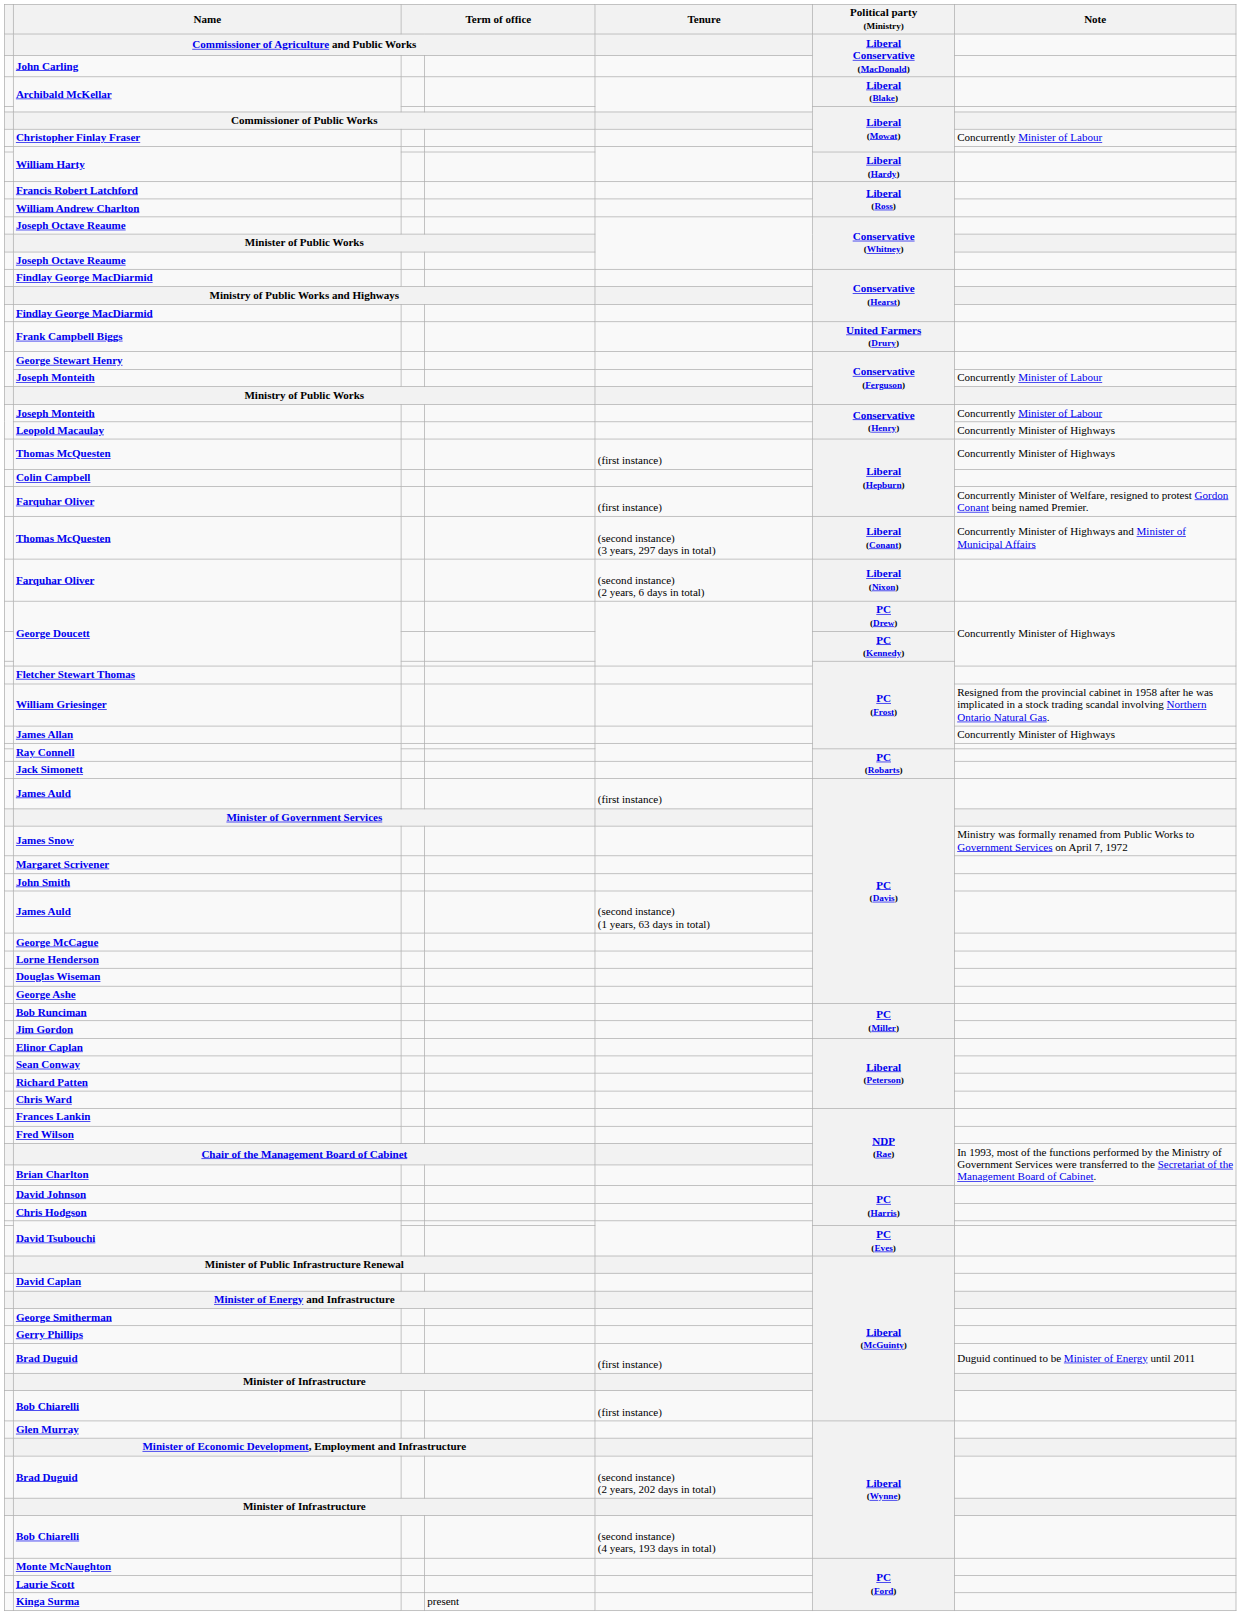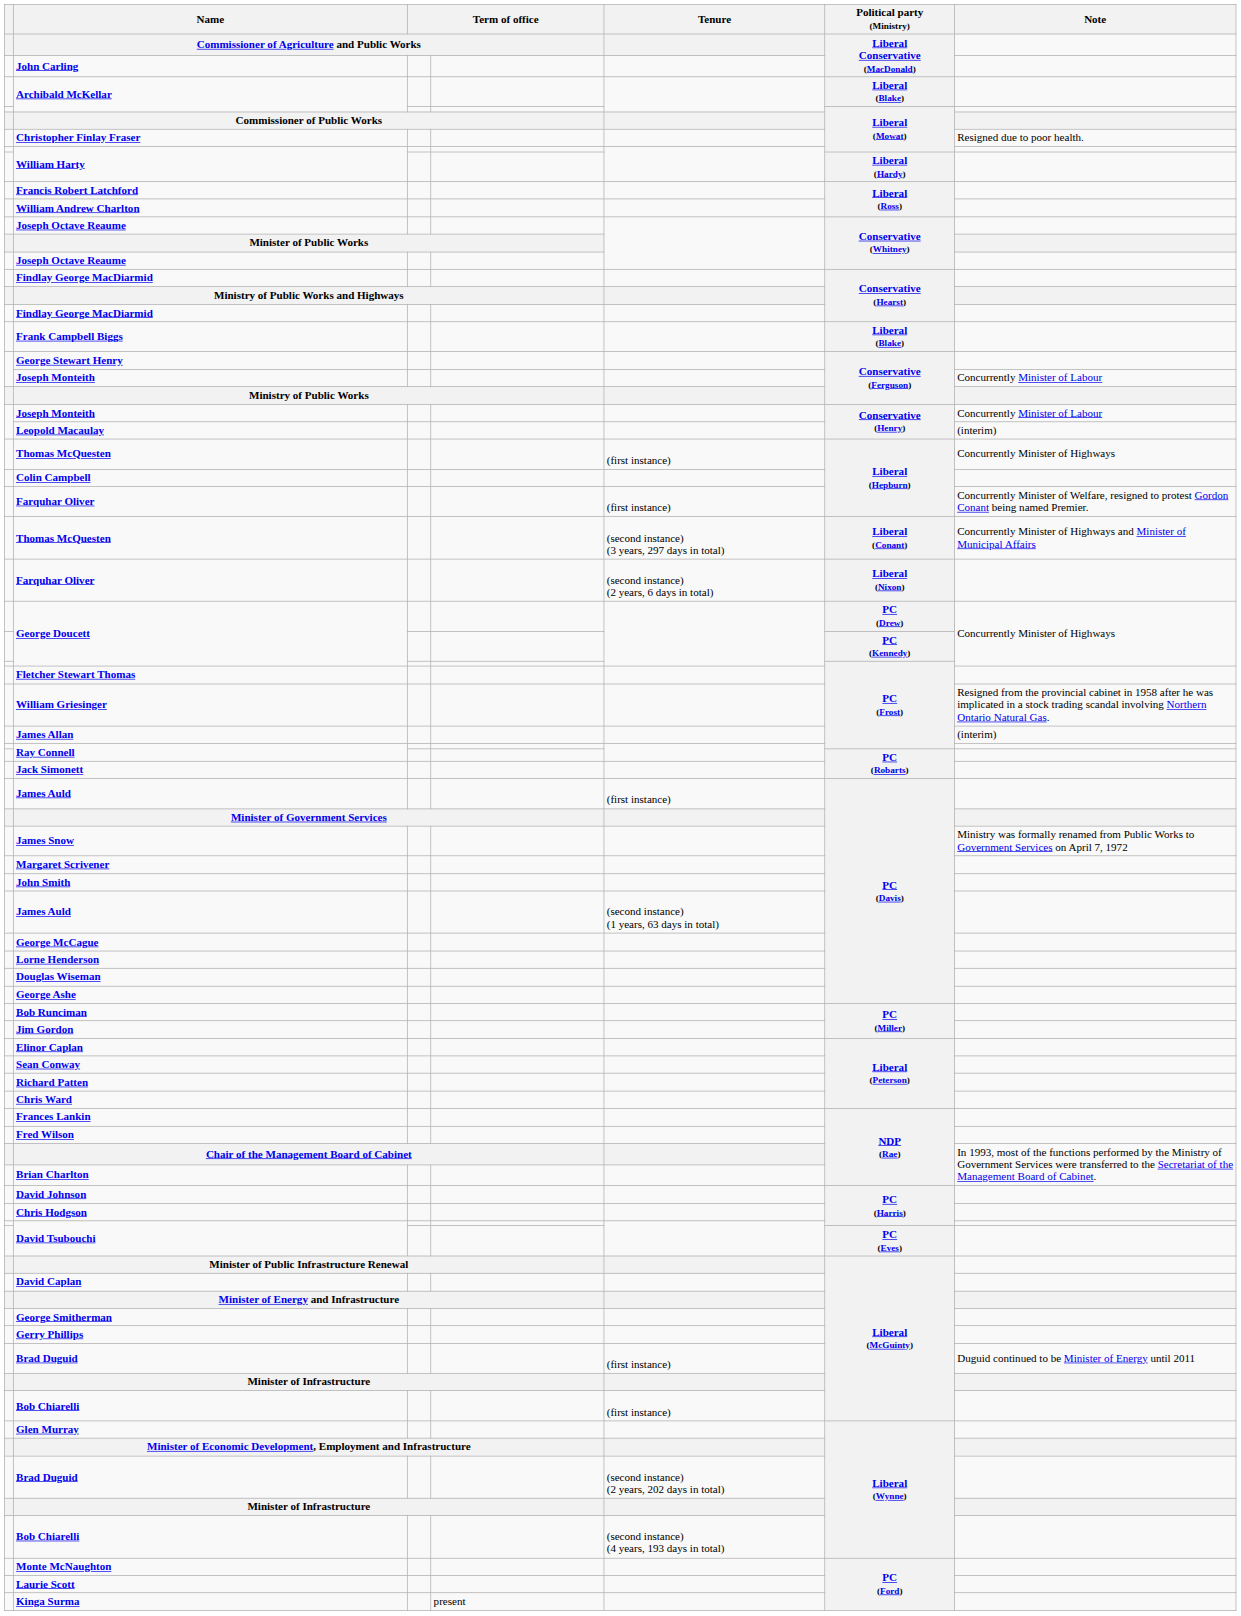 <table class="wikitable" style="width: 90%">
 <tr>
 <th></th>
 <th>Name</th>
 <th colspan=2>Term of office</th>
 <th>Tenure</th>
 <th>Political party<br><small>(Ministry)</small></th>
 <th style="width: 400px;">Note</th>
 </tr>
 <tr>
 <th></th>
 <th colspan=3><a href='#'>Commissioner of Agriculture</a> and Public Works</th>
 <th></th>
 <th rowspan=2; style="background:"><a href='#'>Liberal<br>Conservative</a><br><small>(<a href='#'>MacDonald</a>)</small></th>
 <td></td>
 </tr>
 <tr>
 <td style="background:"></td>
 <td><strong><a href='#'>John Carling</a></strong></td>
 <td></td>
 <td></td>
 <td></td>
 <td></td>
 </tr>
 <tr>
 <td style="background:"></td>
 <td rowspan=2><strong><a href='#'>Archibald McKellar</a></strong></td>
 <td></td>
 <td></td>
 <td rowspan=2></td>
 <th style="background:"><a href='#'>Liberal</a><br><small>(<a href='#'>Blake</a>)</small></th>
 <td></td>
 </tr>
 <tr>
 <td style="background:"></td>
 <td></td>
 <td></td>
 <th rowspan=4; style="background:"><a href='#'>Liberal</a><br><small>(<a href='#'>Mowat</a>)</small></th>
 <td></td>
 </tr>
 <tr>
 <th></th>
 <th colspan=3>Commissioner of Public Works</th>
 <th></th>
 <th></th>
 </tr>
 <tr>
 <td style="background:"></td>
 <td><strong><a href='#'>Christopher Finlay Fraser</a></strong></td>
 <td></td>
 <td></td>
 <td></td>
-<td>Concurrently <a href='#'>Minister of Labour</a></td>
+<td>Resigned due to poor health.</td>
 </tr>
 <tr>
 <td style="background:"></td>
 <td rowspan=2><strong><a href='#'>William Harty</a></strong></td>
 <td></td>
 <td></td>
 <td rowspan=2></td>
 <td></td>
 </tr>
 <tr>
 <td style="background:"></td>
 <td></td>
 <td></td>
 <th style="background:"><a href='#'>Liberal</a><br><small>(<a href='#'>Hardy</a>)</small></th>
 <td></td>
 </tr>
 <tr>
 <td style="background:"></td>
 <td><strong><a href='#'>Francis Robert Latchford</a></strong></td>
 <td></td>
 <td></td>
 <td></td>
 <th rowspan=2; style="background:"><a href='#'>Liberal</a><br><small>(<a href='#'>Ross</a>)</small></th>
 <td></td>
 </tr>
 <tr>
 <td style="background:"></td>
 <td><strong><a href='#'>William Andrew Charlton</a></strong></td>
 <td></td>
 <td></td>
 <td></td>
 <td></td>
 </tr>
 <tr>
 <td style="background:"></td>
 <td><strong><a href='#'>Joseph Octave Reaume</a></strong></td>
 <td></td>
 <td></td>
 <td rowspan=3></td>
 <th rowspan=3; style="background:"><a href='#'>Conservative</a><br><small>(<a href='#'>Whitney</a>)</small></th>
 <td></td>
 </tr>
 <tr>
 <th></th>
 <th colspan=3><strong>Minister of Public Works</strong></th>
 <th></th>
 </tr>
 <tr>
 <td rowpans=2; style="background:"></td>
 <td><strong><a href='#'>Joseph Octave Reaume</a></strong></td>
 <td></td>
 <td></td>
 <td></td>
 </tr>
 <tr>
 <td style="background:"></td>
 <td><strong><a href='#'>Findlay George MacDiarmid</a></strong></td>
 <td></td>
 <td></td>
 <td></td>
 <th rowspan=3; style="background:"><a href='#'>Conservative</a><br><small>(<a href='#'>Hearst</a>)</small></th>
 <td></td>
 </tr>
 <tr>
 <th></th>
 <th colspan=3><strong>Ministry of Public Works and Highways</strong></th>
 <th></th>
 <th></th>
 </tr>
 <tr>
 <td style="background:"></td>
 <td><strong><a href='#'>Findlay George MacDiarmid</a></strong></td>
 <td></td>
 <td></td>
 <td></td>
 <td></td>
 </tr>
 <tr>
 <td style="background:"></td>
 <td><strong><a href='#'>Frank Campbell Biggs</a></strong></td>
 <td></td>
 <td></td>
 <td></td>
-<th style="background:"><a href='#'>United Farmers</a><br><small>(<a href='#'>Drury</a>)</small></th>
+<th style="background:"><a href='#'>Liberal</a><br><small>(<a href='#'>Blake</a>)</small></th>
 <td></td>
 </tr>
 <tr>
 <td rowspan=2; style="background:"></td>
 <td><strong><a href='#'>George Stewart Henry</a></strong></td>
 <td></td>
 <td></td>
 <td></td>
 <th rowspan=3; style="background:"><a href='#'>Conservative</a><br><small>(<a href='#'>Ferguson</a>)</small></th>
 <td></td>
 </tr>
 <tr>
 <td><strong><a href='#'>Joseph Monteith</a></strong></td>
 <td></td>
 <td></td>
 <td></td>
 <td>Concurrently <a href='#'>Minister of Labour</a></td>
 </tr>
 <tr>
 <th></th>
 <th colspan=3><strong>Ministry of Public Works</strong></th>
 <th></th>
 <th></th>
 </tr>
 <tr>
 <td rowspan=2; style="background:"></td>
 <td><strong><a href='#'>Joseph Monteith</a></strong></td>
 <td></td>
 <td></td>
 <td></td>
 <th rowspan=2; style="background:"><a href='#'>Conservative</a><br><small>(<a href='#'>Henry</a>)</small></th>
 <td>Concurrently <a href='#'>Minister of Labour</a></td>
 </tr>
 <tr>
 <td><strong><a href='#'>Leopold Macaulay</a></strong></td>
 <td></td>
 <td></td>
 <td></td>
-<td>Concurrently Minister of Highways</td>
+<td>(interim)</td>
 </tr>
 <tr>
 <td style="background:"></td>
 <td><strong><a href='#'>Thomas McQuesten</a></strong></td>
 <td></td>
 <td></td>
 <td><br>(first instance)</td>
 <th rowspan=3; style="background:"><a href='#'>Liberal</a><br><small>(<a href='#'>Hepburn</a>)</small></th>
 <td>Concurrently Minister of Highways</td>
 </tr>
 <tr>
 <td style="background:"></td>
 <td><strong><a href='#'>Colin Campbell</a></strong></td>
 <td></td>
 <td></td>
 <td></td>
 <td></td>
 </tr>
 <tr>
 <td style="background:"></td>
 <td><strong><a href='#'>Farquhar Oliver</a></strong></td>
 <td></td>
 <td></td>
 <td><br>(first instance)</td>
 <td>Concurrently Minister of Welfare, resigned to protest <a href='#'>Gordon Conant</a> being named Premier.</td>
 </tr>
 <tr>
 <td style="background:"></td>
 <td><strong><a href='#'>Thomas McQuesten</a></strong></td>
 <td></td>
 <td></td>
 <td><br>(second instance)<br>(3 years, 297 days in total)</td>
 <th style="background:"><a href='#'>Liberal</a><br><small>(<a href='#'>Conant</a>)</small></th>
 <td>Concurrently Minister of Highways and <a href='#'>Minister of Municipal Affairs</a></td>
 </tr>
 <tr>
 <td style="background:"></td>
 <td><strong><a href='#'>Farquhar Oliver</a></strong></td>
 <td></td>
 <td></td>
 <td><br>(second instance)<br>(2 years, 6 days in total)</td>
 <th style="background:"><a href='#'>Liberal</a><br><small>(<a href='#'>Nixon</a>)</small></th>
 <td></td>
 </tr>
 <tr>
 <td style="background:"></td>
 <td rowspan=3><strong><a href='#'>George Doucett</a></strong></td>
 <td></td>
 <td></td>
 <td rowspan=3></td>
 <th style="background:"><a href='#'>PC</a><br><small>(<a href='#'>Drew</a>)</small></th>
 <td rowspan=3>Concurrently Minister of Highways</td>
 </tr>
 <tr>
 <td style="background:"></td>
 <td></td>
 <td></td>
 <th style="background:"><a href='#'>PC</a><br><small>(<a href='#'>Kennedy</a>)</small></th>
 </tr>
 <tr>
 <td style="background:"></td>
 <td></td>
 <td></td>
 <th rowspan=5; style="background:"><a href='#'>PC</a><br><small>(<a href='#'>Frost</a>)</small></th>
 </tr>
 <tr>
 <td style="background:"></td>
 <td><strong><a href='#'>Fletcher Stewart Thomas</a></strong></td>
 <td></td>
 <td></td>
 <td></td>
 <td></td>
 </tr>
 <tr>
 <td style="background:"></td>
 <td><strong><a href='#'>William Griesinger</a></strong></td>
 <td></td>
 <td></td>
 <td></td>
 <td>Resigned from the provincial cabinet in 1958 after he was implicated in a stock trading scandal involving <a href='#'>Northern Ontario Natural Gas</a>.</td>
 </tr>
 <tr>
 <td style="background:"></td>
 <td><strong><a href='#'>James Allan</a></strong></td>
 <td></td>
 <td></td>
 <td></td>
-<td>Concurrently Minister of Highways</td>
+<td>(interim)</td>
 </tr>
 <tr>
 <td style="background:"></td>
 <td rowspan=2><strong><a href='#'>Ray Connell</a></strong></td>
 <td></td>
 <td></td>
 <td rowspan=2></td>
 <td></td>
 </tr>
 <tr>
 <td style="background:"></td>
 <td></td>
 <td></td>
 <th rowspan=2; style="background:"><a href='#'>PC</a><br><small>(<a href='#'>Robarts</a>)</small></th>
 <td></td>
 </tr>
 <tr>
 <td style="background:"></td>
 <td><strong><a href='#'>Jack Simonett</a></strong></td>
 <td></td>
 <td></td>
 <td></td>
 <td></td>
 </tr>
 <tr>
 <td style="background:"></td>
 <td><strong><a href='#'>James Auld</a></strong></td>
 <td></td>
 <td></td>
 <td><br>(first instance)</td>
 <th rowspan=10; style="background:"><a href='#'>PC</a><br><small>(<a href='#'>Davis</a>)</small></th>
 <td></td>
 </tr>
 <tr>
 <th></th>
 <th colspan=3><a href='#'>Minister of Government Services</a></th>
 <th></th>
 <th></th>
 </tr>
 <tr>
 <td style="background:"></td>
 <td><strong><a href='#'>James Snow</a></strong></td>
 <td></td>
 <td></td>
 <td></td>
 <td>Ministry was formally renamed from Public Works to <a href='#'>Government Services</a> on April 7, 1972</td>
 </tr>
 <tr>
 <td style="background:"></td>
 <td><strong><a href='#'>Margaret Scrivener</a></strong></td>
 <td></td>
 <td></td>
 <td></td>
 <td></td>
 </tr>
 <tr>
 <td style="background:"></td>
 <td><strong><a href='#'>John Smith</a></strong></td>
 <td></td>
 <td></td>
 <td></td>
 <td></td>
 </tr>
 <tr>
 <td style="background:"></td>
 <td><strong><a href='#'>James Auld</a></strong></td>
 <td></td>
 <td></td>
 <td><br>(second instance)<br>(1 years, 63 days in total)</td>
 <td></td>
 </tr>
 <tr>
 <td style="background:"></td>
 <td><strong><a href='#'>George McCague</a></strong></td>
 <td></td>
 <td></td>
 <td></td>
 <td></td>
 </tr>
 <tr>
 <td style="background:"></td>
 <td><strong><a href='#'>Lorne Henderson</a></strong></td>
 <td></td>
 <td></td>
 <td></td>
 <td></td>
 </tr>
 <tr>
 <td style="background:"></td>
 <td><strong><a href='#'>Douglas Wiseman</a></strong></td>
 <td></td>
 <td></td>
 <td></td>
 <td></td>
 </tr>
 <tr>
 <td style="background:"></td>
 <td><strong><a href='#'>George Ashe</a></strong></td>
 <td></td>
 <td></td>
 <td></td>
 <td></td>
 </tr>
 <tr>
 <td style="background:"></td>
 <td><strong><a href='#'>Bob Runciman</a></strong></td>
 <td></td>
 <td></td>
 <td></td>
 <th rowspan=2; style="background:"><a href='#'>PC</a><br><small>(<a href='#'>Miller</a>)</small></th>
 <td></td>
 </tr>
 <tr>
 <td style="background:"></td>
 <td><strong><a href='#'>Jim Gordon</a></strong></td>
 <td></td>
 <td></td>
 <td></td>
 <td></td>
 </tr>
 <tr>
 <td style="background:"></td>
 <td><strong><a href='#'>Elinor Caplan</a></strong></td>
 <td></td>
 <td></td>
 <td></td>
 <th rowspan=4; style="background:"><a href='#'>Liberal</a><br><small>(<a href='#'>Peterson</a>)</small></th>
 <td></td>
 </tr>
 <tr>
 <td style="background:"></td>
 <td><strong><a href='#'>Sean Conway</a></strong></td>
 <td></td>
 <td></td>
 <td></td>
 <td></td>
 </tr>
 <tr>
 <td style="background:"></td>
 <td><strong><a href='#'>Richard Patten</a></strong></td>
 <td></td>
 <td></td>
 <td></td>
 <td></td>
 </tr>
 <tr>
 <td style="background:"></td>
 <td><strong><a href='#'>Chris Ward</a></strong></td>
 <td></td>
 <td></td>
 <td></td>
 <td></td>
 </tr>
 <tr>
 <td style="background:"></td>
 <td><strong><a href='#'>Frances Lankin</a></strong></td>
 <td></td>
 <td></td>
 <td></td>
 <th rowspan=4 ; style="background:"><a href='#'>NDP</a><br><small>(<a href='#'>Rae</a>)</small></th>
 <td></td>
 </tr>
 <tr>
 <td style="background:"></td>
 <td><strong><a href='#'>Fred Wilson</a></strong></td>
 <td></td>
 <td></td>
 <td></td>
 <td></td>
 </tr>
 <tr>
 <th></th>
 <th colspan=3><a href='#'>Chair of the Management Board of Cabinet</a></th>
 <th></th>
 <td rowspan=2>In 1993, most of the functions performed by the Ministry of Government Services were transferred to the <a href='#'>Secretariat of the Management Board of Cabinet</a>.</td>
 </tr>
 <tr>
 <td style="background:"></td>
 <td><strong><a href='#'>Brian Charlton</a></strong></td>
 <td></td>
 <td></td>
 <td></td>
 </tr>
 <tr>
 <td style="background:"></td>
 <td><strong><a href='#'>David Johnson</a></strong></td>
 <td></td>
 <td></td>
 <td></td>
 <th rowspan=3 ; style="background:"><a href='#'>PC</a><br><small>(<a href='#'>Harris</a>)</small></th>
 <td></td>
 </tr>
 <tr>
 <td style="background:"></td>
 <td><strong><a href='#'>Chris Hodgson</a></strong></td>
 <td></td>
 <td></td>
 <td></td>
 <td></td>
 </tr>
 <tr>
 <td style="background:"></td>
 <td rowspan=2><strong><a href='#'>David Tsubouchi</a></strong></td>
 <td></td>
 <td></td>
 <td rowspan=2></td>
 <td></td>
 </tr>
 <tr>
 <td style="background:"></td>
 <td></td>
 <td></td>
 <th style="background:"><a href='#'>PC</a><br><small>(<a href='#'>Eves</a>)</small></th>
 <td></td>
 </tr>
 <tr>
 <th></th>
 <th colspan=3>Minister of Public Infrastructure Renewal</th>
 <th></th>
 <th rowspan=8; style="background:"><a href='#'>Liberal</a><br><small>(<a href='#'>McGuinty</a>)</small></th>
 <td></td>
 </tr>
 <tr>
 <td style="background:"></td>
 <td><strong><a href='#'>David Caplan</a></strong></td>
 <td></td>
 <td></td>
 <td></td>
 <td></td>
 </tr>
 <tr>
 <th></th>
 <th colspan=3><a href='#'>Minister of Energy</a> and Infrastructure</th>
 <th></th>
 <th></th>
 </tr>
 <tr>
 <td style="background:"></td>
 <td><strong><a href='#'>George Smitherman</a></strong></td>
 <td></td>
 <td></td>
 <td></td>
 <td></td>
 </tr>
 <tr>
 <td style="background:"></td>
 <td><strong><a href='#'>Gerry Phillips</a></strong></td>
 <td></td>
 <td></td>
 <td></td>
 <td></td>
 </tr>
 <tr>
 <td style="background:"></td>
 <td><strong><a href='#'>Brad Duguid</a></strong></td>
 <td></td>
 <td></td>
 <td><br>(first instance)</td>
 <td>Duguid continued to be <a href='#'>Minister of Energy</a> until 2011</td>
 </tr>
 <tr>
 <th></th>
 <th colspan=3>Minister of Infrastructure</th>
 <th></th>
 <th></th>
 </tr>
 <tr>
 <td style="background:"></td>
 <td><strong><a href='#'>Bob Chiarelli</a></strong></td>
 <td></td>
 <td></td>
 <td><br>(first instance)</td>
 <td></td>
 </tr>
 <tr>
 <td style="background:"></td>
 <td><strong><a href='#'>Glen Murray</a></strong></td>
 <td></td>
 <td></td>
 <td></td>
 <th rowspan=5; style="background:"><a href='#'>Liberal</a><br><small>(<a href='#'>Wynne</a>)</small></th>
 <td></td>
 </tr>
 <tr>
 <th></th>
 <th colspan=3><a href='#'>Minister of Economic Development</a>, Employment and Infrastructure</th>
 <th></th>
 <th></th>
 </tr>
 <tr>
 <td style="background:"></td>
 <td><strong><a href='#'>Brad Duguid</a></strong></td>
 <td></td>
 <td></td>
 <td><br>(second instance)<br>(2 years, 202 days in total)</td>
 <td></td>
 </tr>
 <tr>
 <th></th>
 <th colspan=3>Minister of Infrastructure</th>
 <th></th>
 <th></th>
 </tr>
 <tr>
 <td style="background:"></td>
 <td><strong><a href='#'>Bob Chiarelli</a></strong></td>
 <td></td>
 <td></td>
 <td><br>(second instance)<br>(4 years, 193 days in total)</td>
 <td></td>
 </tr>
 <tr>
 <td style="background:"></td>
 <td><strong><a href='#'>Monte McNaughton</a></strong></td>
 <td></td>
 <td></td>
 <td></td>
 <th rowspan=3; style="background:"><a href='#'>PC</a><br><small>(<a href='#'>Ford</a>)</small></th>
 <td></td>
 </tr>
 <tr>
 <td style="background:"></td>
 <td><strong><a href='#'>Laurie Scott</a></strong></td>
 <td></td>
 <td></td>
 <td></td>
 <td></td>
 </tr>
 <tr>
 <td style="background:"></td>
 <td><strong><a href='#'>Kinga Surma</a></strong></td>
 <td></td>
 <td>present</td>
 <td></td>
 <td></td>
 </tr>
 </table>
